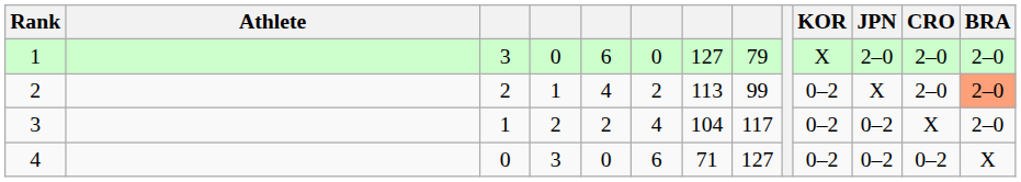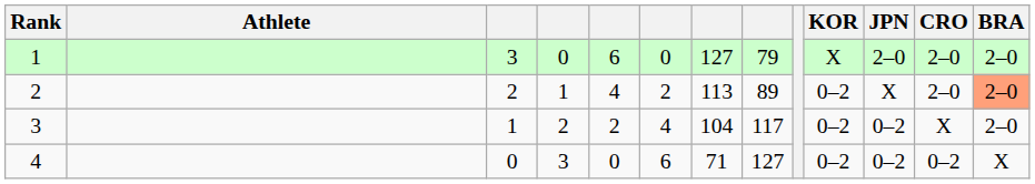 <table class="wikitable" style="text-align:center">
 <tr>
 <th>Rank</th>
 <th width=300>Athlete</th>
 <th width=30></th>
 <th width=30></th>
 <th width=30></th>
 <th width=30></th>
 <th width=30></th>
 <th width=30></th>
 <th rowspan=5></th>
 <th width=30>KOR</th>
 <th width=30>JPN</th>
 <th width=30>CRO</th>
 <th width=30>BRA</th>
 </tr>
 <tr style="background-color:#ccffcc;">
 <td>1</td>
 <td align=left></td>
 <td>3</td>
 <td>0</td>
 <td>6</td>
 <td>0</td>
 <td>127</td>
 <td>79</td>
 <td>X</td>
 <td>2–0</td>
 <td>2–0</td>
 <td>2–0</td>
 </tr>
 <tr>
 <td>2</td>
 <td align=left></td>
 <td>2</td>
 <td>1</td>
 <td>4</td>
 <td>2</td>
 <td>113</td>
-<td>99</td>
+<td>89</td>
 <td>0–2</td>
 <td>X</td>
 <td>2–0</td>
 <td style="background: lightsalmon;">2–0</td>
 </tr>
 <tr>
 <td>3</td>
 <td align=left></td>
 <td>1</td>
 <td>2</td>
 <td>2</td>
 <td>4</td>
 <td>104</td>
 <td>117</td>
 <td>0–2</td>
 <td>0–2</td>
 <td>X</td>
 <td>2–0</td>
 </tr>
 <tr>
 <td>4</td>
 <td align=left></td>
 <td>0</td>
 <td>3</td>
 <td>0</td>
 <td>6</td>
 <td>71</td>
 <td>127</td>
 <td>0–2</td>
 <td>0–2</td>
 <td>0–2</td>
 <td>X</td>
 </tr>
 </table>
